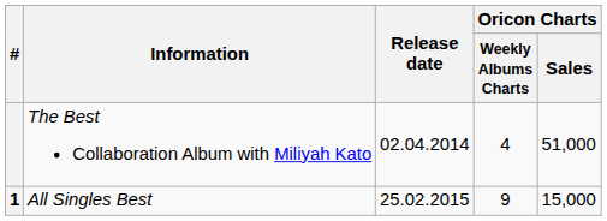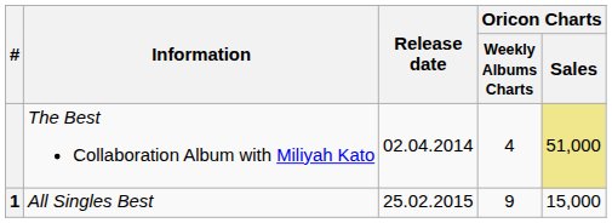 <table class="wikitable">
 <tr>
 <th rowspan="2">#</th>
 <th rowspan="2">Information</th>
 <th rowspan="2">Release<br> date<br></th>
 <th colspan="2">Oricon Charts</th>
 </tr>
 <tr>
 <th><small>Weekly<br>Albums<br>Charts</small></th>
 <th>Sales</th>
 </tr>
 <tr>
 <th></th>
 <td><em>The Best</em><br><ul><li>Collaboration Album with <a href='#'>Miliyah Kato</a></li></ul></td>
 <td>02.04.2014</td>
 <td style="text-align:center;">4</td>
-<td>51,000</td>
+<td style="background: khaki;">51,000</td>
 </tr>
 <tr>
 <th>1</th>
 <td><em>All Singles Best</em></td>
 <td>25.02.2015</td>
 <td style="text-align:center;">9</td>
 <td>15,000</td>
 </tr>
 </table>
